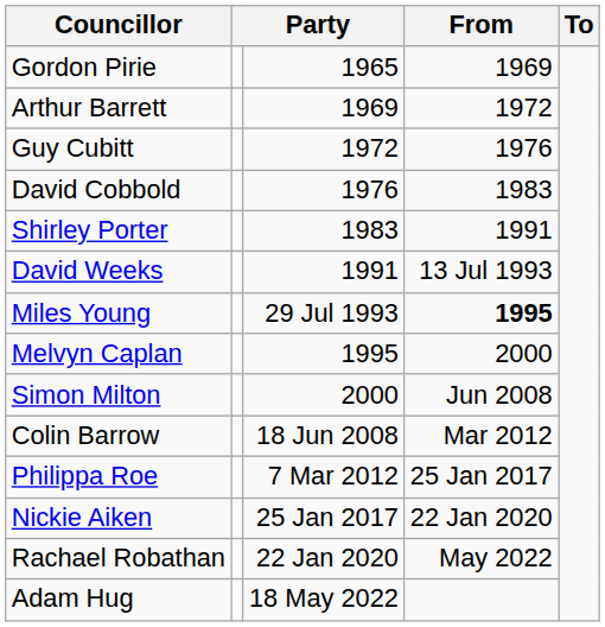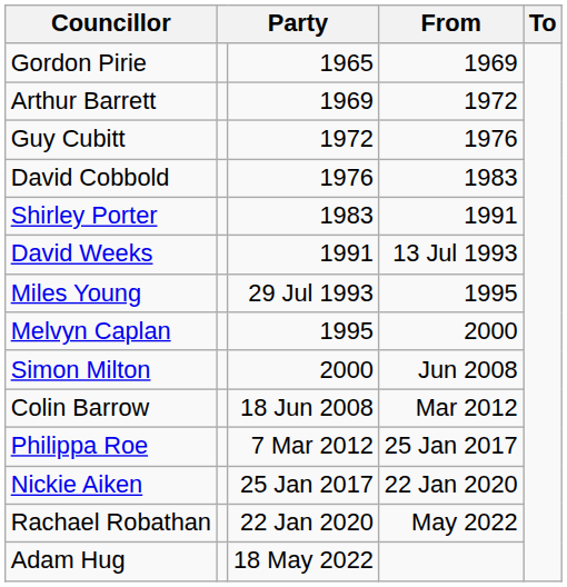 <table class=wikitable>
 <tr>
 <th>Councillor</th>
 <th colspan=2>Party</th>
 <th>From</th>
 <th>To</th>
 </tr>
 <tr>
 <td>Gordon Pirie</td>
 <td></td>
 <td align=right>1965</td>
 <td align=right>1969</td>
 </tr>
 <tr>
 <td>Arthur Barrett</td>
 <td></td>
 <td align=right>1969</td>
 <td align=right>1972</td>
 </tr>
 <tr>
 <td>Guy Cubitt</td>
 <td></td>
 <td align=right>1972</td>
 <td align=right>1976</td>
 </tr>
 <tr>
 <td>David Cobbold</td>
 <td></td>
 <td align=right>1976</td>
 <td align=right>1983</td>
 </tr>
 <tr>
 <td><a href='#'>Shirley Porter</a></td>
 <td></td>
 <td align=right>1983</td>
 <td align=right>1991</td>
 </tr>
 <tr>
 <td><a href='#'>David Weeks</a></td>
 <td></td>
 <td align=right>1991</td>
 <td align=right>13 Jul 1993</td>
 </tr>
 <tr>
 <td><a href='#'>Miles Young</a></td>
 <td></td>
 <td align=right>29 Jul 1993</td>
-<td align=right><strong>1995</strong></td>
+<td align=right>1995</td>
 </tr>
 <tr>
 <td><a href='#'>Melvyn Caplan</a></td>
 <td></td>
 <td align=right>1995</td>
 <td align=right>2000</td>
 </tr>
 <tr>
 <td><a href='#'>Simon Milton</a></td>
 <td></td>
 <td align=right>2000</td>
 <td align=right>Jun 2008</td>
 </tr>
 <tr>
 <td>Colin Barrow</td>
 <td></td>
 <td align=right>18 Jun 2008</td>
 <td align=right>Mar 2012</td>
 </tr>
 <tr>
 <td><a href='#'>Philippa Roe</a></td>
 <td></td>
 <td align=right>7 Mar 2012</td>
 <td align=right>25 Jan 2017</td>
 </tr>
 <tr>
 <td><a href='#'>Nickie Aiken</a></td>
 <td></td>
 <td align=right>25 Jan 2017</td>
 <td align=right>22 Jan 2020</td>
 </tr>
 <tr>
 <td>Rachael Robathan</td>
 <td></td>
 <td align=right>22 Jan 2020</td>
 <td align=right>May 2022</td>
 </tr>
 <tr>
 <td>Adam Hug</td>
 <td></td>
 <td align=right>18 May 2022</td>
 <td></td>
 </tr>
 </table>
